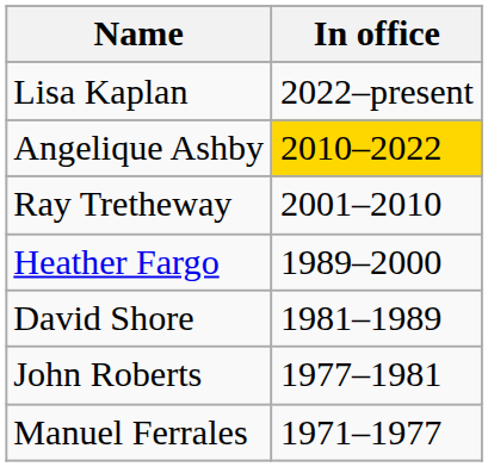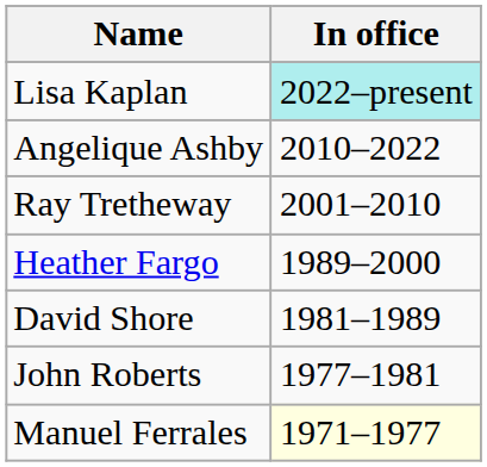 <table class="wikitable" style="margin-left:30px" align=right>
 <tr>
 <th>Name</th>
 <th colspan="2">In office</th>
 </tr>
 <tr>
 <td>Lisa Kaplan</td>
-<td>2022–present</td>
+<td style="background: paleturquoise;">2022–present</td>
 </tr>
 <tr>
 <td>Angelique Ashby</td>
-<td style="background: gold;">2010–2022</td>
+<td>2010–2022</td>
 </tr>
 <tr>
 <td>Ray Tretheway </td>
 <td>2001–2010</td>
 </tr>
 <tr>
 <td><a href='#'>Heather Fargo</a> </td>
 <td>1989–2000</td>
 </tr>
 <tr>
 <td>David Shore</td>
 <td>1981–1989</td>
 </tr>
 <tr>
 <td>John Roberts</td>
 <td>1977–1981</td>
 </tr>
 <tr>
 <td>Manuel Ferrales</td>
-<td>1971–1977</td>
+<td style="background: lightyellow;">1971–1977</td>
 </tr>
 </table>
